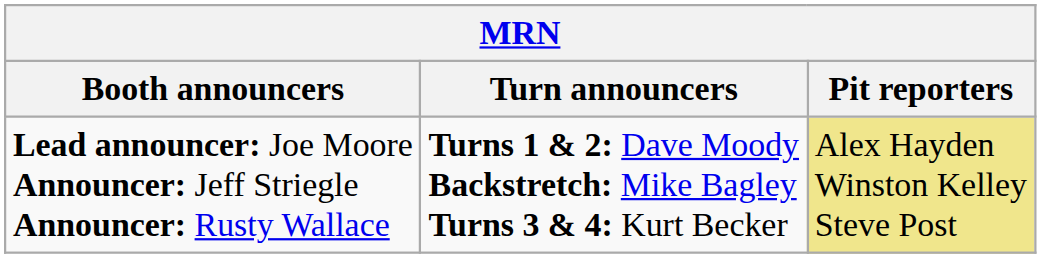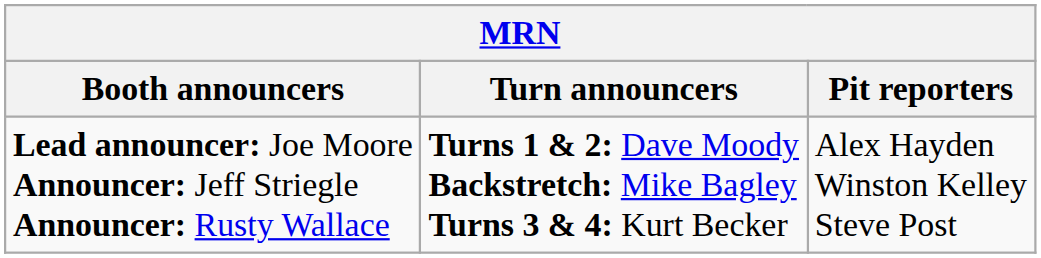 <table class="wikitable" style="font-size: 95%;">
 <tr>
 <th colspan="3"><a href='#'>MRN</a></th>
 </tr>
 <tr>
 <th>Booth announcers</th>
 <th>Turn announcers</th>
 <th>Pit reporters</th>
 </tr>
 <tr>
 <td><strong>Lead announcer:</strong> Joe Moore<br><strong>Announcer:</strong> Jeff Striegle<br><strong>Announcer:</strong> <a href='#'>Rusty Wallace</a></td>
 <td><strong>Turns 1 & 2:</strong> <a href='#'>Dave Moody</a><br><strong>Backstretch:</strong> <a href='#'>Mike Bagley</a><br><strong>Turns 3 & 4:</strong> Kurt Becker</td>
-<td style="background: khaki;">Alex Hayden<br>Winston Kelley<br>Steve Post</td>
+<td>Alex Hayden<br>Winston Kelley<br>Steve Post</td>
 </tr>
 </table>
